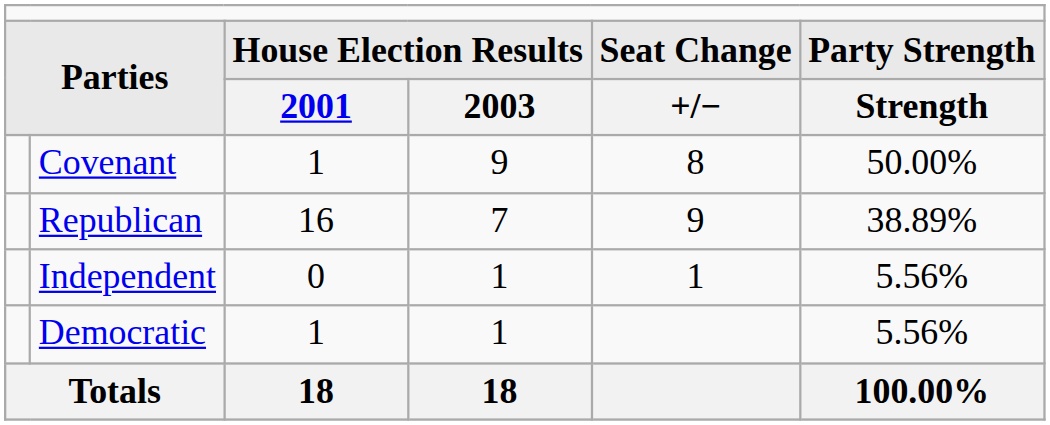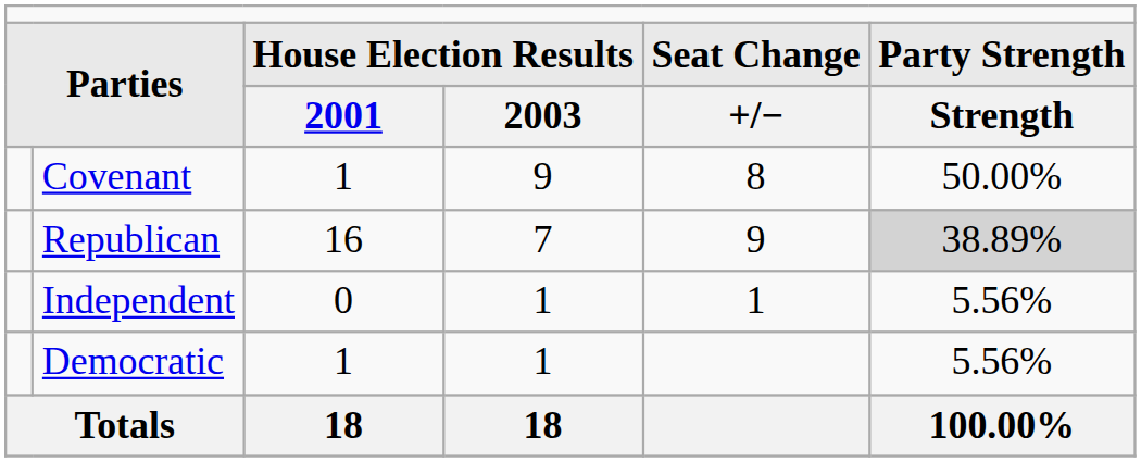 <table class   ="wikitable">
 <tr>
 <td colspan="6"></td>
 </tr>
 <tr>
 <th style   ="background:#e9e9e9; text-align:center" rowspan="2" colspan="2">Parties</th>
 <th style   ="background:#e9e9e9; text-align:center" colspan="2">House Election Results</th>
 <th style   ="background:#e9e9e9; text-align:center" colspan="1">Seat Change</th>
 <th style   ="background:#e9e9e9; text-align:center" colspan="1">Party Strength</th>
 </tr>
 <tr style ="background:#e9e9e9">
 <th><a href='#'>2001</a></th>
 <th>2003</th>
 <th>+/−</th>
 <th>Strength</th>
 </tr>
 <tr>
 <td style="background-color:"> </td>
 <td><a href='#'>Covenant</a></td>
 <td align = center>1</td>
 <td align = center>9</td>
 <td align = center>8 </td>
 <td align = center>50.00%</td>
 </tr>
 <tr>
 <td style="background-color:"> </td>
 <td><a href='#'>Republican</a></td>
 <td align = center>16</td>
 <td align = center>7</td>
 <td align = center>9 </td>
-<td align = center>38.89%</td>
+<td align = center style="background: lightgrey;">38.89%</td>
 </tr>
 <tr>
 <td style="background-color:"> </td>
 <td><a href='#'>Independent</a></td>
 <td align = center>0</td>
 <td align = center>1</td>
 <td align = center>1 </td>
 <td align = center>5.56%</td>
 </tr>
 <tr>
 <td style="background-color:"> </td>
 <td><a href='#'>Democratic</a></td>
 <td align = center>1</td>
 <td align = center>1</td>
 <td align = center></td>
 <td align = center>5.56%</td>
 </tr>
 <tr style = "background:#ccc">
 <th colspan = "2">Totals</th>
 <th>18</th>
 <th>18</th>
 <th></th>
 <th>100.00%</th>
 </tr>
 </table>
